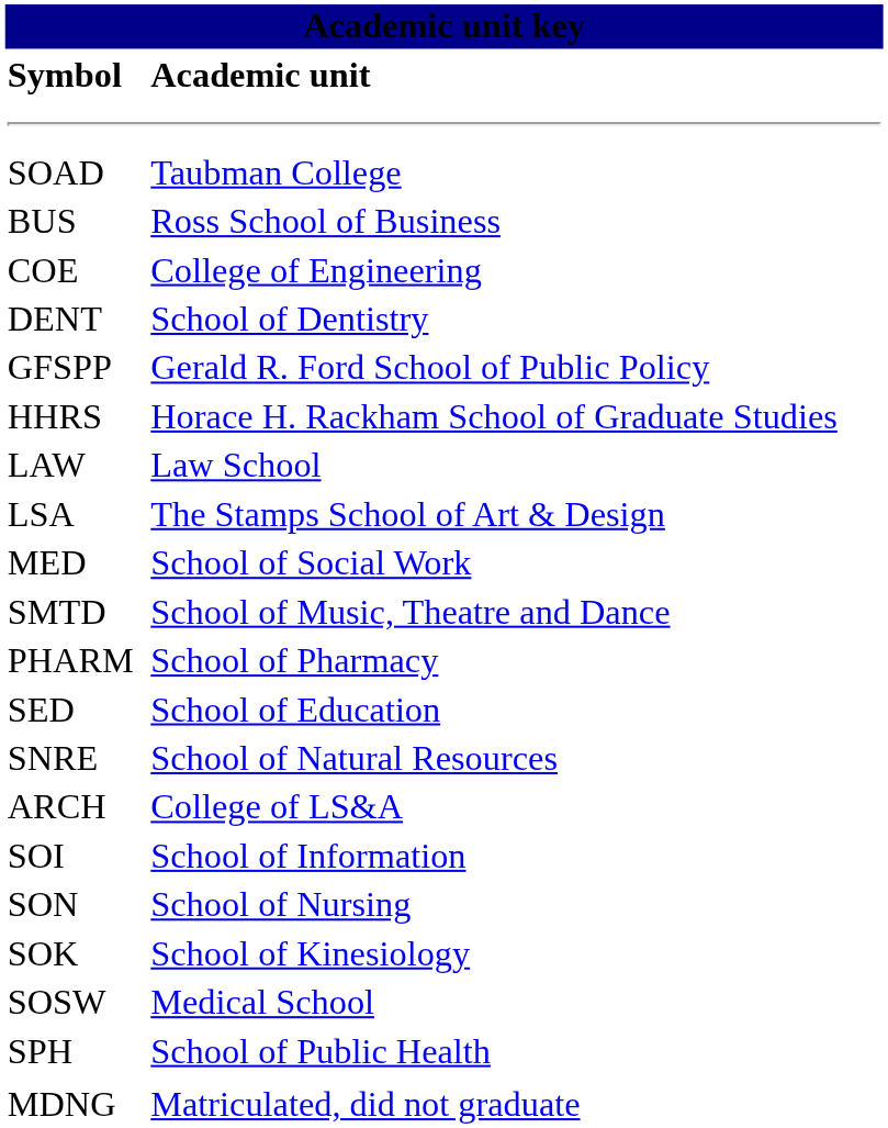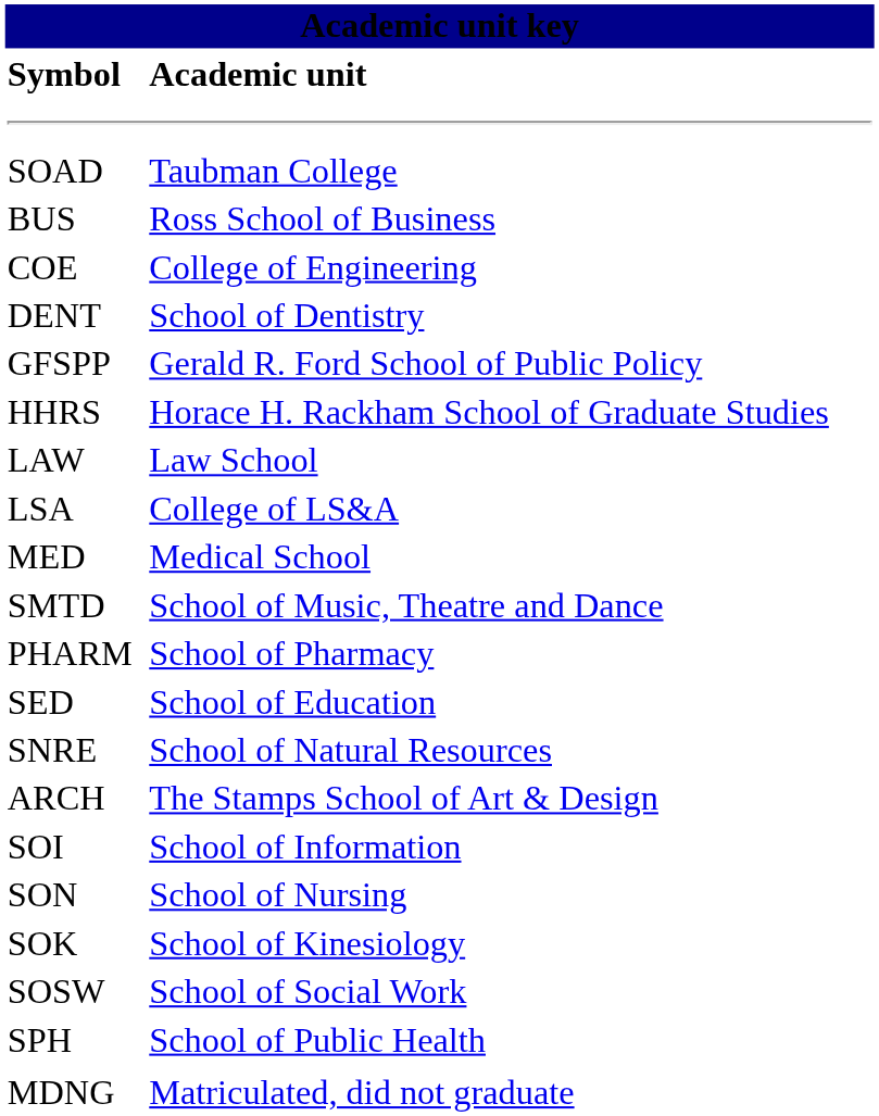 <table class="toccolours" style="float: right; margin-left: 1em;" width="400px">
 <tr>
 <th colspan="2" style="text-align: center; background:darkblue"><span><strong>Academic unit key</strong></span></th>
 </tr>
 <tr>
 <td><strong>Symbol</strong></td>
 <td><strong>Academic unit</strong></td>
 </tr>
 <tr>
 <td colspan="2"><hr></td>
 </tr>
 <tr>
 <td>SOAD</td>
 <td><a href='#'>Taubman College</a></td>
 </tr>
 <tr>
 <td>BUS</td>
 <td><a href='#'>Ross School of Business</a></td>
 </tr>
 <tr>
 <td>COE</td>
 <td><a href='#'>College of Engineering</a></td>
 </tr>
 <tr>
 <td>DENT</td>
 <td><a href='#'>School of Dentistry</a></td>
 </tr>
 <tr>
 <td>GFSPP</td>
 <td><a href='#'>Gerald R. Ford School of Public Policy</a></td>
 </tr>
 <tr>
 <td>HHRS</td>
 <td><a href='#'>Horace H. Rackham School of Graduate Studies</a></td>
 </tr>
 <tr>
 <td>LAW</td>
 <td><a href='#'>Law School</a></td>
 </tr>
 <tr>
 <td>LSA</td>
-<td><a href='#'>The Stamps School of Art & Design</a></td>
+<td><a href='#'>College of LS&A</a></td>
 </tr>
 <tr>
 <td>MED</td>
-<td><a href='#'>School of Social Work</a></td>
+<td><a href='#'>Medical School</a></td>
 </tr>
 <tr>
 <td>SMTD</td>
 <td><a href='#'>School of Music, Theatre and Dance</a></td>
 </tr>
 <tr>
 <td>PHARM</td>
 <td><a href='#'>School of Pharmacy</a></td>
 </tr>
 <tr>
 <td>SED</td>
 <td><a href='#'>School of Education</a></td>
 </tr>
 <tr>
 <td>SNRE</td>
 <td><a href='#'>School of Natural Resources</a></td>
 </tr>
 <tr>
 <td>ARCH</td>
-<td><a href='#'>College of LS&A</a></td>
+<td><a href='#'>The Stamps School of Art & Design</a></td>
 </tr>
 <tr>
 <td>SOI</td>
 <td><a href='#'>School of Information</a></td>
 </tr>
 <tr>
 <td>SON</td>
 <td><a href='#'>School of Nursing</a></td>
 </tr>
 <tr>
 <td>SOK</td>
 <td><a href='#'>School of Kinesiology</a></td>
 </tr>
 <tr>
 <td>SOSW</td>
-<td><a href='#'>Medical School</a></td>
+<td><a href='#'>School of Social Work</a></td>
 </tr>
 <tr>
 <td>SPH</td>
 <td><a href='#'>School of Public Health</a></td>
 </tr>
 <tr>
 </tr>
 <tr>
 <td>MDNG</td>
 <td><a href='#'>Matriculated, did not graduate</a></td>
 </tr>
 </table>
